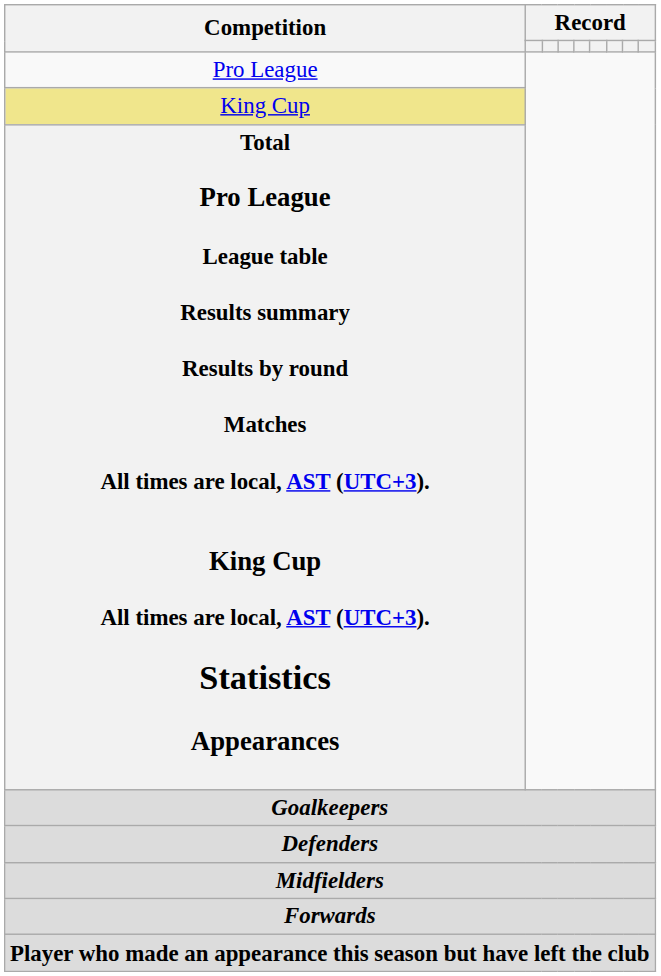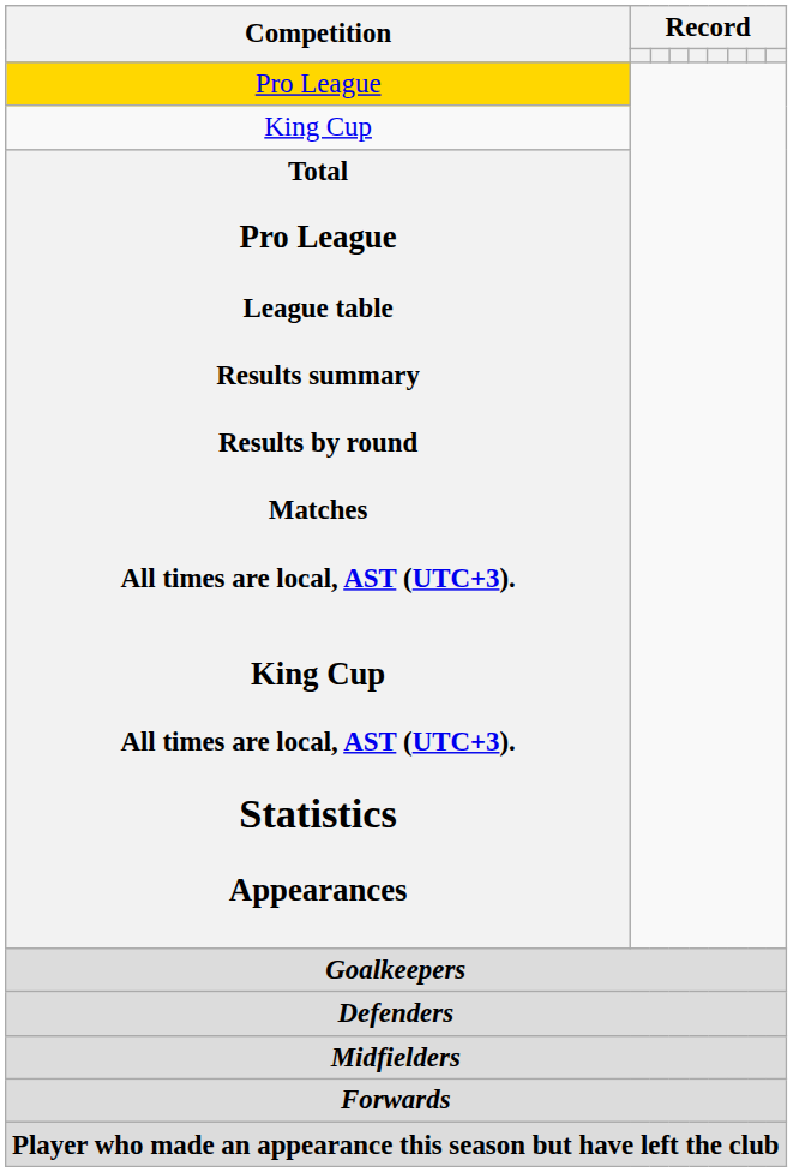 <table class="wikitable" style="text-align: center">
 <tr>
 <th rowspan=2>Competition</th>
 <th colspan=8>Record</th>
 </tr>
 <tr>
 <th></th>
 <th></th>
 <th></th>
 <th></th>
 <th></th>
 <th></th>
 <th></th>
 <th></th>
 </tr>
 <tr>
-<td><a href='#'>Pro League</a><br></td>
+<td style="background: gold;"><a href='#'>Pro League</a><br></td>
 </tr>
 <tr>
-<td style="background: khaki;"><a href='#'>King Cup</a><br></td>
+<td><a href='#'>King Cup</a><br></td>
 </tr>
 <tr>
 <th>Total<br> <h3>Pro League</h3><h4>League table</h4><h4>Results summary</h4> <h4>Results by round</h4><h4>Matches</h4>All times are local, <a href='#'>AST</a> (<a href='#'>UTC+3</a>).<br>   <br>                                 <h3>King Cup</h3> All times are local, <a href='#'>AST</a> (<a href='#'>UTC+3</a>).<br>  <h2>Statistics</h2><h3>Appearances</h3></th>
 </tr>
 <tr>
 <th colspan=12 style=background:#dcdcdc; text-align:center><em>Goalkeepers</em><br>  </th>
 </tr>
 <tr>
 <th colspan=12 style=background:#dcdcdc; text-align:center><em>Defenders</em><br>         </th>
 </tr>
 <tr>
 <th colspan=12 style=background:#dcdcdc; text-align:center><em>Midfielders</em><br>          </th>
 </tr>
 <tr>
 <th colspan=12 style=background:#dcdcdc; text-align:center><em>Forwards</em><br>    </th>
 </tr>
 <tr>
 <th colspan=16 style=background:#dcdcdc; text-align:center>Player who made an appearance this season but have left the club<br> </th>
 </tr>
 </table>
